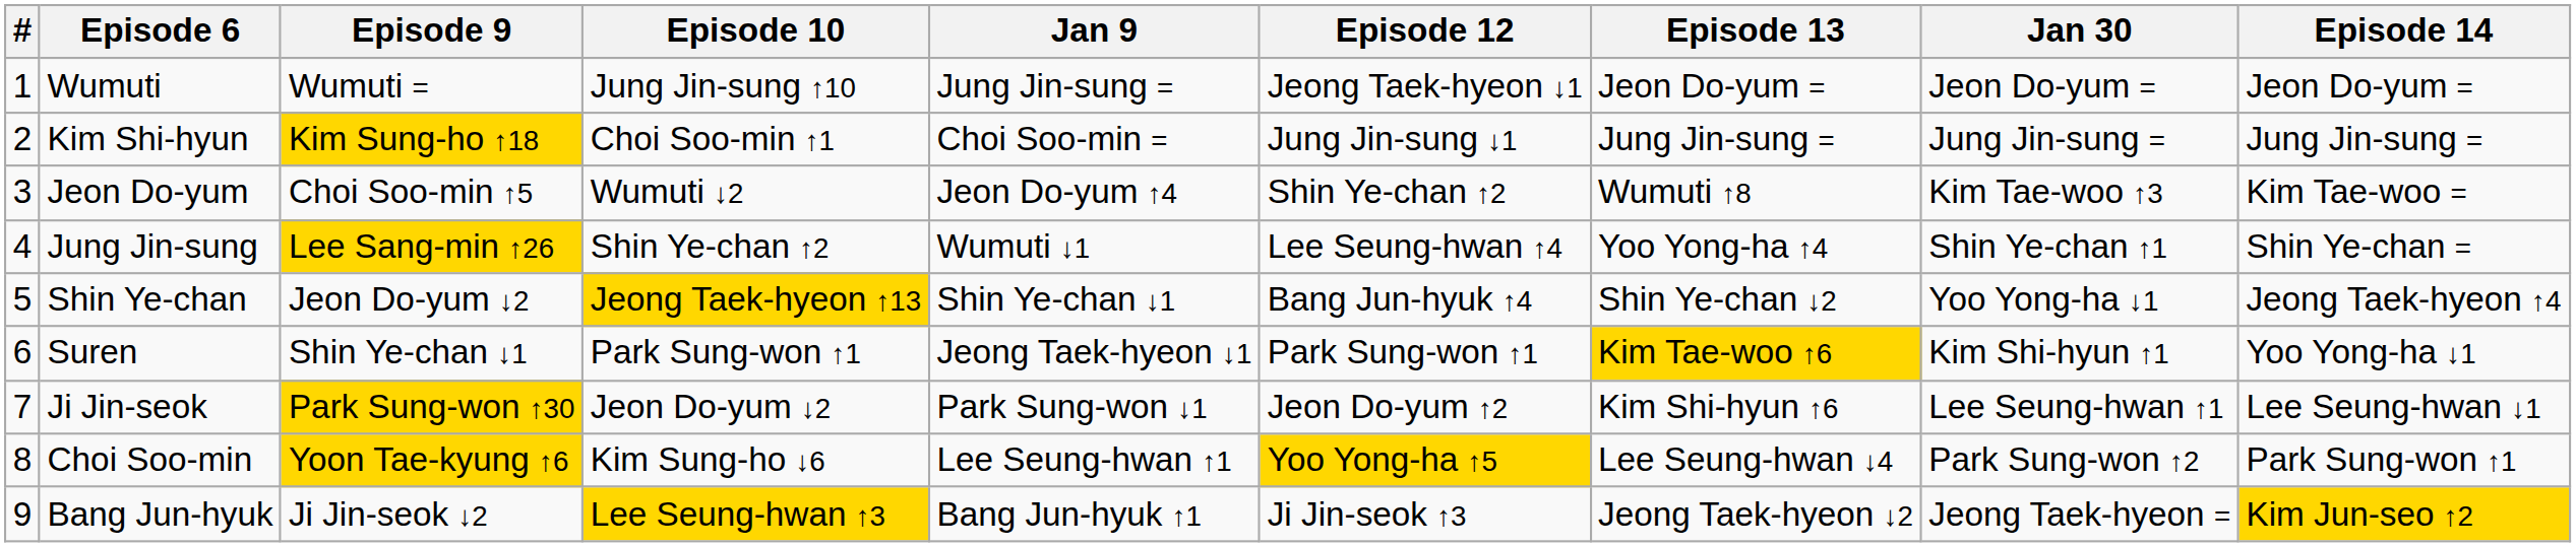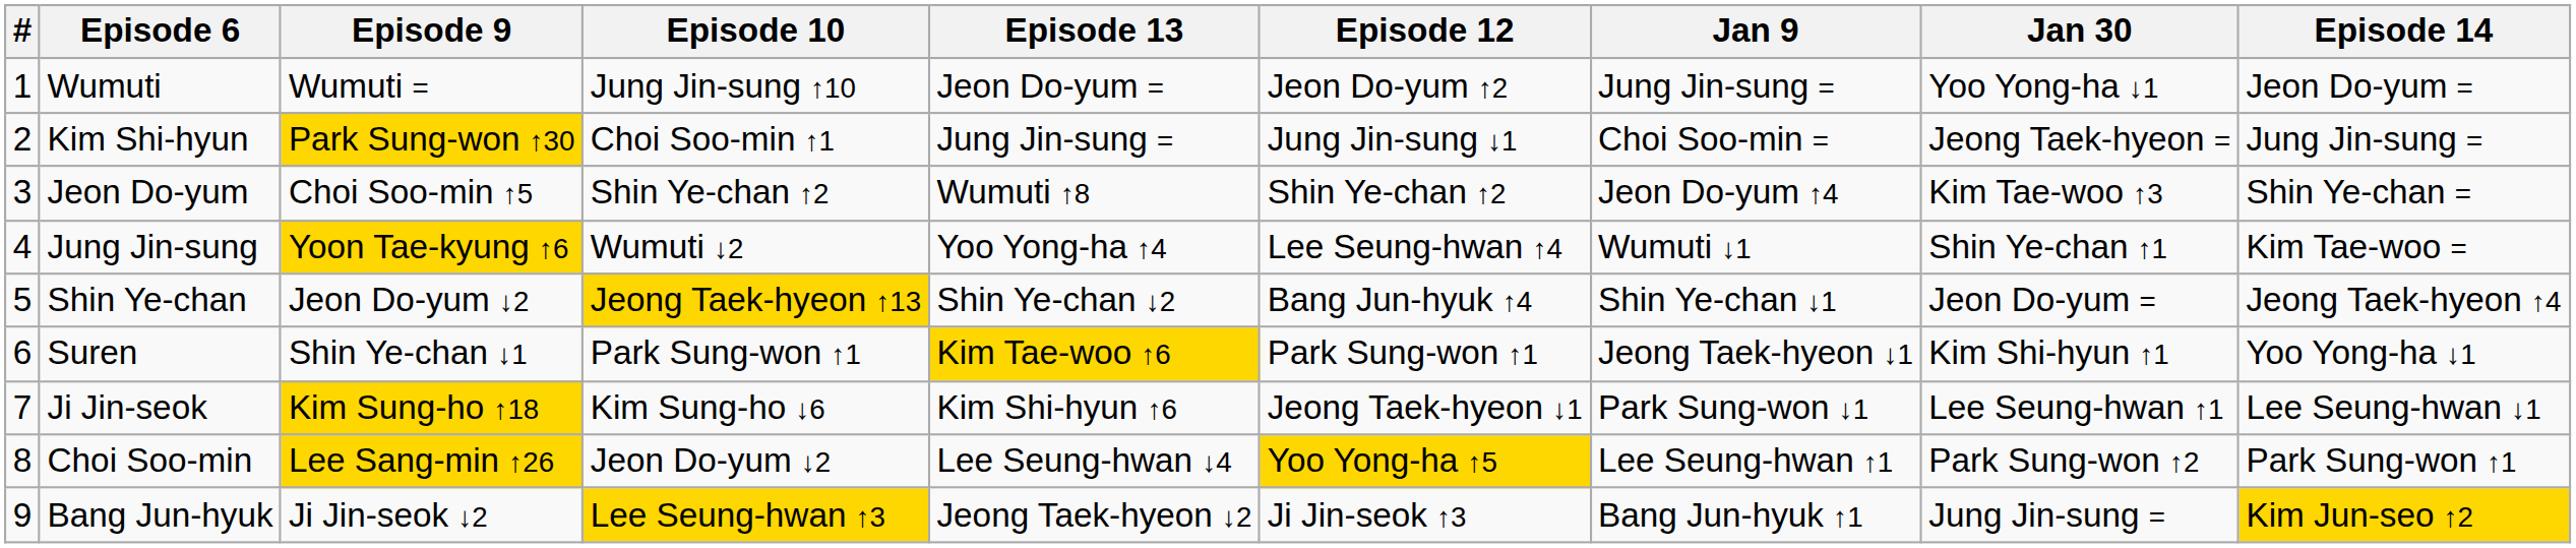 <table class="wikitable">
 <tr>
 <th>#</th>
 <th>Episode 6</th>
 <th>Episode 9</th>
 <th>Episode 10</th>
+<th>Episode 13</th>
+<th>Episode 12</th>
 <th>Jan 9</th>
-<th>Episode 12</th>
-<th>Episode 13</th>
 <th>Jan 30</th>
 <th>Episode 14</th>
 </tr>
 <tr>
 <td>1</td>
 <td>Wumuti</td>
 <td>Wumuti <small>=</small></td>
 <td>Jung Jin-sung <small>↑10</small></td>
+<td>Jeon Do-yum <small>=</small></td>
+<td>Jeon Do-yum <small>↑2</small></td>
 <td>Jung Jin-sung <small>=</small></td>
-<td>Jeong Taek-hyeon <small>↓1</small></td>
-<td>Jeon Do-yum <small>=</small></td>
-<td>Jeon Do-yum <small>=</small></td>
+<td>Yoo Yong-ha <small>↓1</small></td>
 <td>Jeon Do-yum <small>=</small></td>
 </tr>
 <tr>
 <td>2</td>
 <td>Kim Shi-hyun</td>
-<td style="background:gold">Kim Sung-ho <small>↑18</small></td>
+<td style="background:gold">Park Sung-won <small>↑30</small></td>
 <td>Choi Soo-min <small>↑1</small></td>
+<td>Jung Jin-sung <small>=</small></td>
+<td>Jung Jin-sung <small>↓1</small></td>
 <td>Choi Soo-min <small>=</small></td>
-<td>Jung Jin-sung <small>↓1</small></td>
-<td>Jung Jin-sung <small>=</small></td>
-<td>Jung Jin-sung <small>=</small></td>
+<td>Jeong Taek-hyeon <small>=</small></td>
 <td>Jung Jin-sung <small>=</small></td>
 </tr>
 <tr>
 <td>3</td>
 <td>Jeon Do-yum</td>
 <td>Choi Soo-min <small>↑5</small></td>
-<td>Wumuti <small>↓2</small></td>
-<td>Jeon Do-yum <small>↑4</small></td>
 <td>Shin Ye-chan <small>↑2</small></td>
 <td>Wumuti <small>↑8</small></td>
+<td>Shin Ye-chan <small>↑2</small></td>
+<td>Jeon Do-yum <small>↑4</small></td>
 <td>Kim Tae-woo <small>↑3</small></td>
-<td>Kim Tae-woo <small>=</small></td>
+<td>Shin Ye-chan <small>=</small></td>
 </tr>
 <tr>
 <td>4</td>
 <td>Jung Jin-sung</td>
-<td style="background:gold">Lee Sang-min <small>↑26</small></td>
-<td>Shin Ye-chan <small>↑2</small></td>
+<td style="background:gold">Yoon Tae-kyung <small>↑6</small></td>
+<td>Wumuti <small>↓2</small></td>
+<td>Yoo Yong-ha <small>↑4</small></td>
+<td>Lee Seung-hwan <small>↑4</small></td>
 <td>Wumuti <small>↓1</small></td>
-<td>Lee Seung-hwan <small>↑4</small></td>
-<td>Yoo Yong-ha <small>↑4</small></td>
 <td>Shin Ye-chan <small>↑1</small></td>
-<td>Shin Ye-chan <small>=</small></td>
+<td>Kim Tae-woo <small>=</small></td>
 </tr>
 <tr>
 <td>5</td>
 <td>Shin Ye-chan</td>
 <td>Jeon Do-yum <small>↓2</small></td>
 <td style="background:gold">Jeong Taek-hyeon <small>↑13</small></td>
+<td>Shin Ye-chan <small>↓2</small></td>
+<td>Bang Jun-hyuk <small>↑4</small></td>
 <td>Shin Ye-chan <small>↓1</small></td>
-<td>Bang Jun-hyuk <small>↑4</small></td>
-<td>Shin Ye-chan <small>↓2</small></td>
-<td>Yoo Yong-ha <small>↓1</small></td>
+<td>Jeon Do-yum <small>=</small></td>
 <td>Jeong Taek-hyeon <small>↑4</small></td>
 </tr>
 <tr>
 <td>6</td>
 <td>Suren</td>
 <td>Shin Ye-chan <small>↓1</small></td>
 <td>Park Sung-won <small>↑1</small></td>
+<td style="background:gold">Kim Tae-woo <small>↑6</small></td>
+<td>Park Sung-won <small>↑1</small></td>
 <td>Jeong Taek-hyeon <small>↓1</small></td>
-<td>Park Sung-won <small>↑1</small></td>
-<td style="background:gold">Kim Tae-woo <small>↑6</small></td>
 <td>Kim Shi-hyun <small>↑1</small></td>
 <td>Yoo Yong-ha <small>↓1</small></td>
 </tr>
 <tr>
 <td>7</td>
 <td>Ji Jin-seok</td>
-<td style="background:gold">Park Sung-won <small>↑30</small></td>
-<td>Jeon Do-yum <small>↓2</small></td>
+<td style="background:gold">Kim Sung-ho <small>↑18</small></td>
+<td>Kim Sung-ho <small>↓6</small></td>
+<td>Kim Shi-hyun <small>↑6</small></td>
+<td>Jeong Taek-hyeon <small>↓1</small></td>
 <td>Park Sung-won <small>↓1</small></td>
-<td>Jeon Do-yum <small>↑2</small></td>
-<td>Kim Shi-hyun <small>↑6</small></td>
 <td>Lee Seung-hwan <small>↑1</small></td>
 <td>Lee Seung-hwan <small>↓1</small></td>
 </tr>
 <tr>
 <td>8</td>
 <td>Choi Soo-min</td>
-<td style="background:gold">Yoon Tae-kyung <small>↑6</small></td>
-<td>Kim Sung-ho <small>↓6</small></td>
+<td style="background:gold">Lee Sang-min <small>↑26</small></td>
+<td>Jeon Do-yum <small>↓2</small></td>
+<td>Lee Seung-hwan <small>↓4</small></td>
+<td style="background:gold">Yoo Yong-ha <small>↑5</small></td>
 <td>Lee Seung-hwan <small>↑1</small></td>
-<td style="background:gold">Yoo Yong-ha <small>↑5</small></td>
-<td>Lee Seung-hwan <small>↓4</small></td>
 <td>Park Sung-won <small>↑2</small></td>
 <td>Park Sung-won <small>↑1</small></td>
 </tr>
 <tr>
 <td>9</td>
 <td>Bang Jun-hyuk</td>
 <td>Ji Jin-seok <small>↓2</small></td>
 <td style="background:gold">Lee Seung-hwan <small>↑3</small></td>
+<td>Jeong Taek-hyeon <small>↓2</small></td>
+<td>Ji Jin-seok <small>↑3</small></td>
 <td>Bang Jun-hyuk <small>↑1</small></td>
-<td>Ji Jin-seok <small>↑3</small></td>
-<td>Jeong Taek-hyeon <small>↓2</small></td>
-<td>Jeong Taek-hyeon <small>=</small></td>
+<td>Jung Jin-sung <small>=</small></td>
 <td style="background:gold">Kim Jun-seo <small>↑2</small></td>
 </tr>
 </table>
